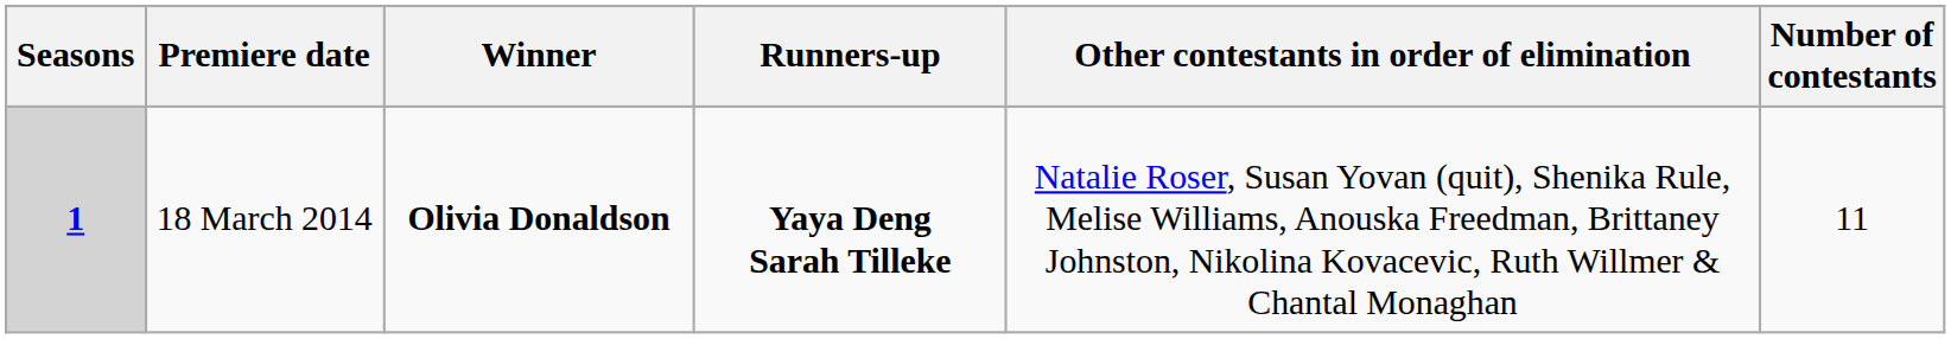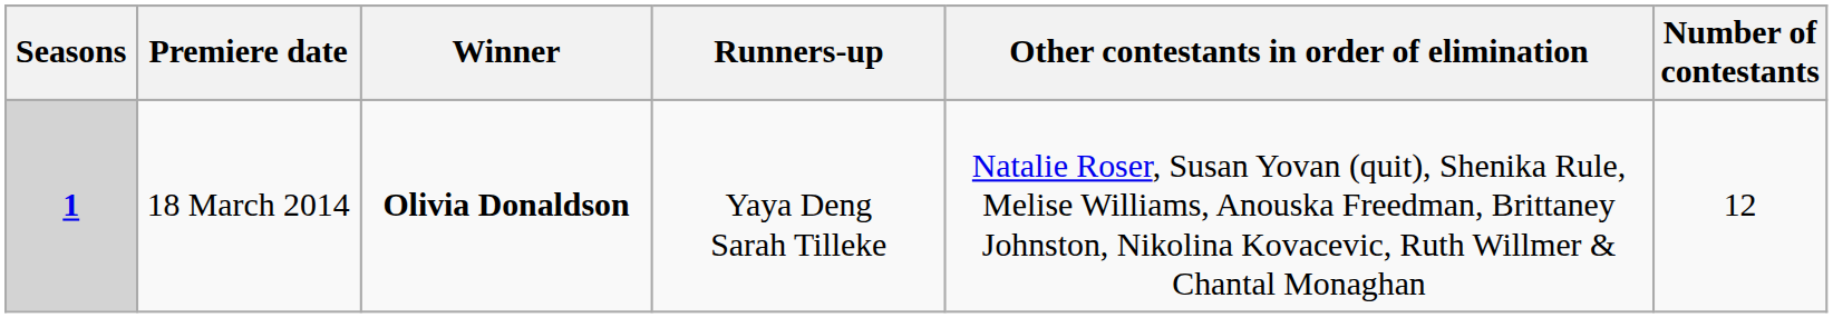 <table class="wikitable" style="font-size:90%; text-align: center;">
 <tr>
 <th width="50">Seasons</th>
 <th width="90">Premiere date</th>
 <th width="120">Winner</th>
 <th width="120">Runners-up</th>
 <th width="300">Other contestants in order of elimination</th>
 <th width="30">Number of contestants</th>
 </tr>
 <tr>
 <td style="background: lightgrey;"><strong><a href='#'>1</a></strong></td>
 <td>18 March 2014</td>
 <td><strong>Olivia Donaldson</strong></td>
-<td><strong><br>Yaya Deng <br> Sarah Tilleke</strong></td>
+<td><br>Yaya Deng <br> Sarah Tilleke</td>
 <td><br><a href='#'>Natalie Roser</a>,  Susan Yovan (quit),  Shenika Rule,  Melise Williams,  Anouska Freedman,  Brittaney Johnston,  Nikolina Kovacevic,  Ruth Willmer & Chantal Monaghan</td>
-<td>11</td>
+<td>12</td>
 </tr>
 </table>
